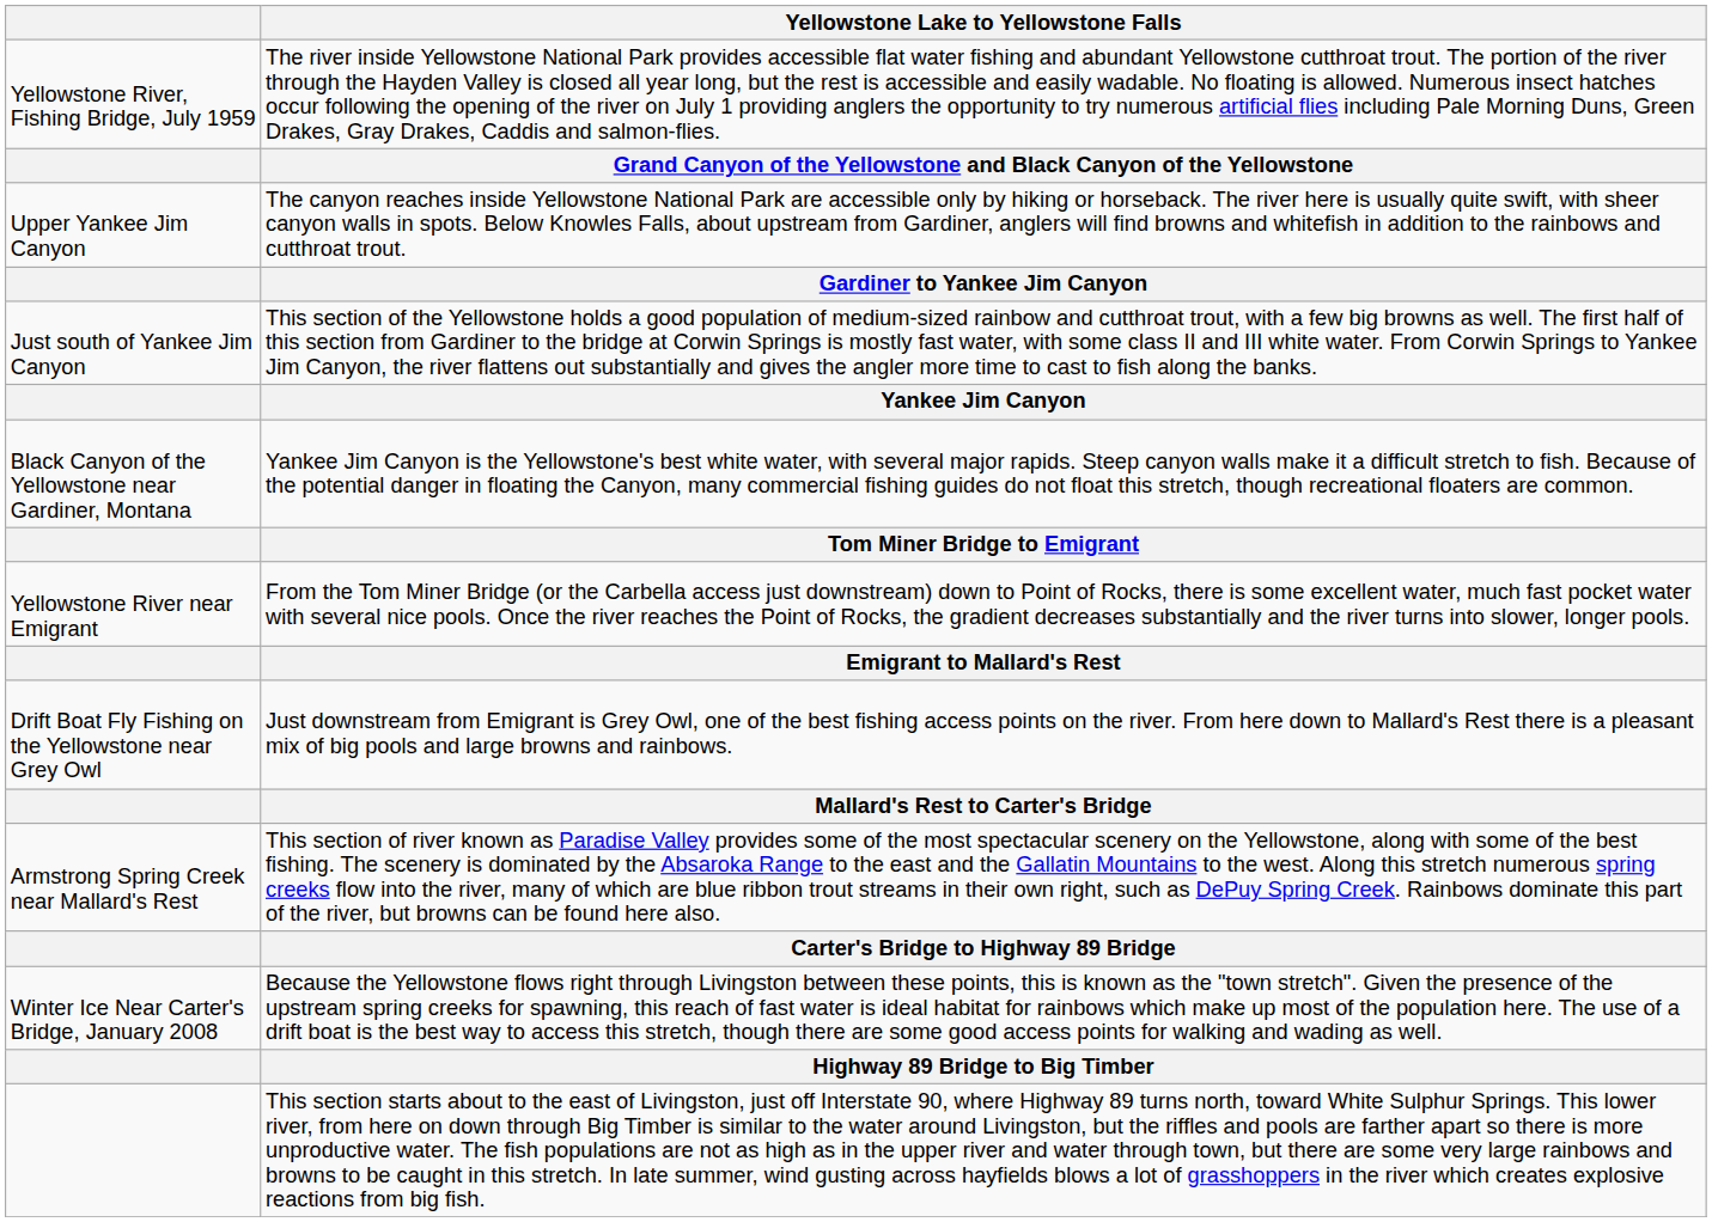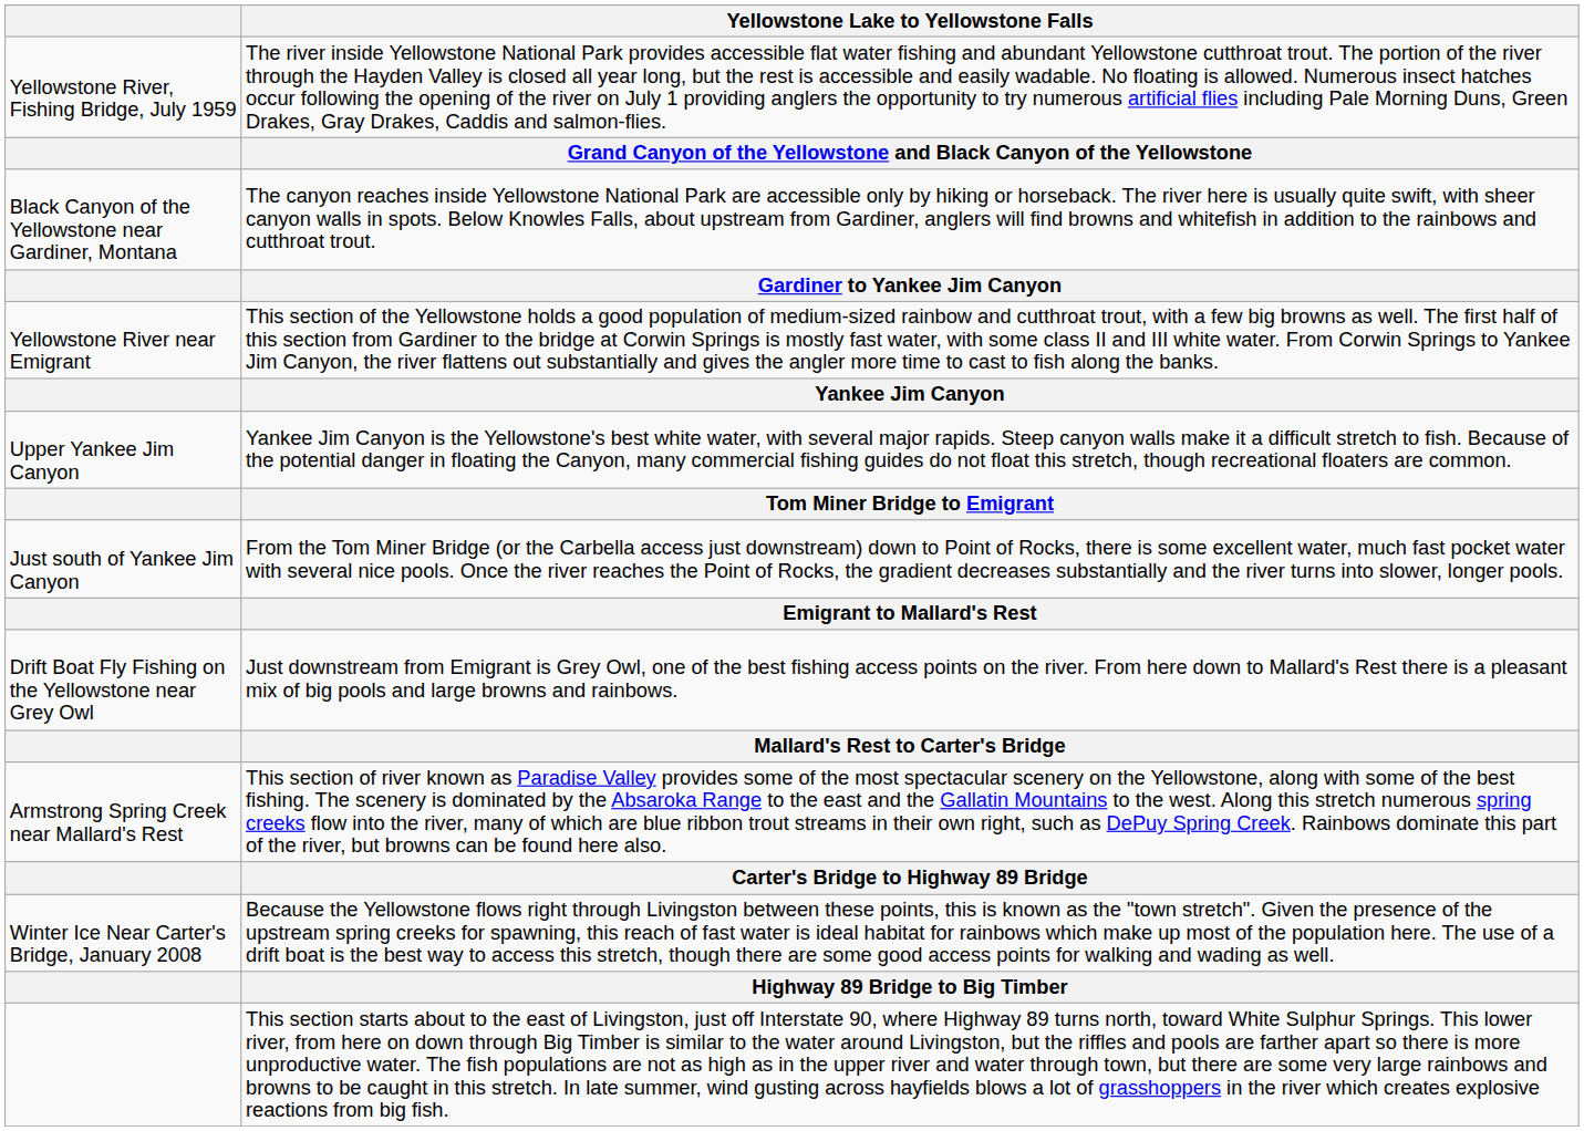 <table class="wikitable">
 <tr>
 <th align="center" width=15%></th>
 <th align="center">Yellowstone Lake to Yellowstone Falls</th>
 </tr>
 <tr>
 <td><br>Yellowstone River, Fishing Bridge, July 1959</td>
 <td>The river inside Yellowstone National Park provides accessible flat water fishing and abundant Yellowstone cutthroat trout. The portion of the river through the Hayden Valley is closed all year long, but the rest is accessible and easily wadable. No floating is allowed. Numerous insect hatches occur following the opening of the river on July 1 providing anglers the opportunity to try numerous <a href='#'>artificial flies</a> including Pale Morning Duns, Green Drakes, Gray Drakes, Caddis and salmon-flies.</td>
 </tr>
 <tr>
 <th width=15%></th>
 <th align="center"><a href='#'>Grand Canyon of the Yellowstone</a> and Black Canyon of the Yellowstone</th>
 </tr>
 <tr>
-<td><br>Upper Yankee Jim Canyon</td>
+<td><br>Black Canyon of the Yellowstone near Gardiner, Montana</td>
 <td>The canyon reaches inside Yellowstone National Park are accessible only by hiking or horseback. The river here is usually quite swift, with sheer canyon walls in spots. Below Knowles Falls, about  upstream from Gardiner, anglers will find browns and whitefish in addition to the rainbows and cutthroat trout.</td>
 </tr>
 <tr>
 <th width=15%></th>
 <th align="center"><a href='#'>Gardiner</a> to Yankee Jim Canyon</th>
 </tr>
 <tr>
-<td><br>Just south of Yankee Jim Canyon</td>
+<td><br>Yellowstone River near Emigrant</td>
 <td>This section of the Yellowstone holds a good population of medium-sized rainbow and cutthroat trout, with a few big browns as well. The first half of this section from Gardiner to the bridge at Corwin Springs is mostly fast water, with some class II and III white water. From Corwin Springs to Yankee Jim Canyon, the river flattens out substantially and gives the angler more time to cast to fish along the banks.</td>
 </tr>
 <tr>
 <th width=15%></th>
 <th align="center">Yankee Jim Canyon</th>
 </tr>
 <tr>
-<td><br>Black Canyon of the Yellowstone near Gardiner, Montana</td>
+<td><br>Upper Yankee Jim Canyon</td>
 <td>Yankee Jim Canyon is the Yellowstone's best white water, with several major rapids. Steep canyon walls make it a difficult stretch to fish. Because of the potential danger in floating the Canyon, many commercial fishing guides do not float this stretch, though recreational floaters are common.</td>
 </tr>
 <tr>
 <th width=15%></th>
 <th align="center">Tom Miner Bridge to <a href='#'>Emigrant</a></th>
 </tr>
 <tr>
-<td><br>Yellowstone River near Emigrant</td>
+<td><br>Just south of Yankee Jim Canyon</td>
 <td>From the Tom Miner Bridge (or the Carbella access just downstream) down to Point of Rocks, there is some excellent water, much fast pocket water with several nice pools. Once the river reaches the Point of Rocks, the gradient decreases substantially and the river turns into slower, longer pools.</td>
 </tr>
 <tr>
 <th width=15%></th>
 <th align="center">Emigrant to Mallard's Rest</th>
 </tr>
 <tr>
 <td><br>Drift Boat Fly Fishing on the Yellowstone near Grey Owl</td>
 <td>Just downstream from Emigrant is Grey Owl, one of the best fishing access points on the river. From here down to Mallard's Rest there is a pleasant mix of big pools and large browns and rainbows.</td>
 </tr>
 <tr>
 <th width=15%></th>
 <th align="center">Mallard's Rest to Carter's Bridge</th>
 </tr>
 <tr>
 <td><br>Armstrong Spring Creek near Mallard's Rest</td>
 <td>This section of river known as <a href='#'>Paradise Valley</a> provides some of the most spectacular scenery on the Yellowstone, along with some of the best fishing. The scenery is dominated by the <a href='#'>Absaroka Range</a> to the east and the <a href='#'>Gallatin Mountains</a> to the west. Along this stretch numerous <a href='#'>spring creeks</a> flow into the river, many of which are blue ribbon trout streams in their own right, such as <a href='#'>DePuy Spring Creek</a>. Rainbows dominate this part of the river, but browns can be found here also.</td>
 </tr>
 <tr>
 <th width=15%></th>
 <th align="center">Carter's Bridge to Highway 89 Bridge</th>
 </tr>
 <tr>
 <td><br>Winter Ice Near Carter's Bridge, January 2008</td>
 <td>Because the Yellowstone flows right through Livingston between these points, this is known as the "town stretch". Given the presence of the upstream spring creeks for spawning, this reach of fast water is ideal habitat for rainbows which make up most of the population here. The use of a drift boat is the best way to access this stretch, though there are some good access points for walking and wading as well.</td>
 </tr>
 <tr>
 <th width=15%></th>
 <th align="center">Highway 89 Bridge to Big Timber</th>
 </tr>
 <tr>
 <td></td>
 <td>This section starts about  to the east of Livingston, just off Interstate 90, where Highway 89 turns north, toward White Sulphur Springs. This lower river, from here on down through Big Timber is similar to the water around Livingston, but the riffles and pools are farther apart so there is more unproductive water. The fish populations are not as high as in the upper river and water through town, but there are some very large rainbows and browns to be caught in this stretch. In late summer, wind gusting across hayfields blows a lot of <a href='#'>grasshoppers</a> in the river which creates explosive reactions from big fish.</td>
 </tr>
 <tr>
 </tr>
 </table>
